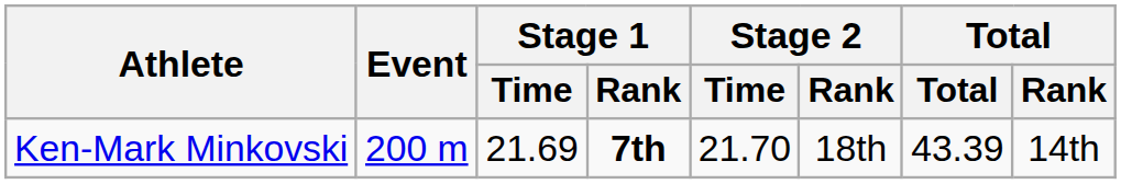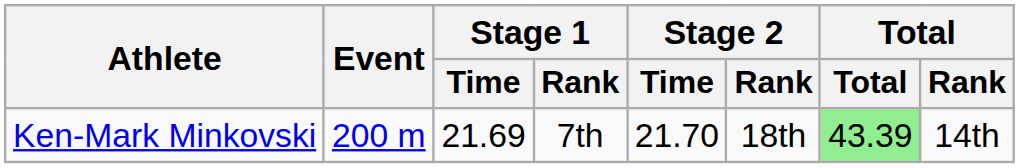 <table class="wikitable" style="font-size:90%">
 <tr>
 <th rowspan=2>Athlete</th>
 <th rowspan=2>Event</th>
 <th colspan=2>Stage 1</th>
 <th colspan=2>Stage 2</th>
 <th colspan=2>Total</th>
 </tr>
 <tr style="font-size:95%">
 <th>Time</th>
 <th>Rank</th>
 <th>Time</th>
 <th>Rank</th>
 <th>Total</th>
 <th>Rank</th>
 </tr>
 <tr align=center>
 <td align=left rowspan=2><a href='#'>Ken-Mark Minkovski</a></td>
 <td align=left><a href='#'>200 m</a></td>
 <td>21.69</td>
-<td><strong>7th</strong></td>
+<td>7th</td>
 <td>21.70</td>
 <td>18th</td>
-<td>43.39</td>
+<td style="background: lightgreen;">43.39</td>
 <td>14th</td>
 </tr>
 </table>
